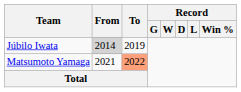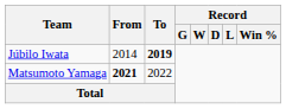 <table class="wikitable" style="text-align: center">
 <tr>
 <th rowspan="2">Team</th>
 <th rowspan="2">From</th>
 <th rowspan="2">To</th>
 <th colspan="5">Record</th>
 </tr>
 <tr>
 <th>G</th>
 <th>W</th>
 <th>D</th>
 <th>L</th>
 <th>Win %</th>
 </tr>
 <tr>
 <td align="left"><a href='#'>Júbilo Iwata</a></td>
-<td align="left" style="background: lightgrey;">2014</td>
-<td align="left">2019<br></td>
+<td align="left">2014</td>
+<td align="left"><strong>2019<br></strong></td>
 </tr>
 <tr>
 <td align="left"><a href='#'>Matsumoto Yamaga</a></td>
-<td align="left">2021</td>
-<td align="left" style="background: lightsalmon;">2022<br></td>
+<td align="left"><strong>2021</strong></td>
+<td align="left">2022<br></td>
 </tr>
 <tr>
 <th colspan="3">Total<br></th>
 </tr>
 </table>
